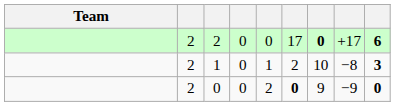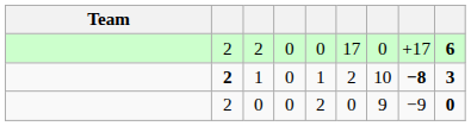 <table class="wikitable" style="text-align: center;">
 <tr>
 <th style="width:175px;">Team</th>
 <th width="20"></th>
 <th width="20"></th>
 <th width="20"></th>
 <th width="20"></th>
 <th width="20"></th>
 <th width="20"></th>
 <th width="20"></th>
 <th width="20"></th>
 </tr>
 <tr style="background:#cfc;">
 <td style="text-align:left;"></td>
 <td>2</td>
 <td>2</td>
 <td>0</td>
 <td>0</td>
 <td>17</td>
-<td><strong>0</strong></td>
+<td>0</td>
 <td>+17</td>
 <td><strong>6</strong></td>
 </tr>
 <tr>
 <td style="text-align:left;"></td>
-<td>2</td>
+<td><strong>2</strong></td>
 <td>1</td>
 <td>0</td>
 <td>1</td>
 <td>2</td>
 <td>10</td>
-<td>−8</td>
+<td><strong>−8</strong></td>
 <td><strong>3</strong></td>
 </tr>
 <tr>
 <td style="text-align:left;"></td>
 <td>2</td>
 <td>0</td>
 <td>0</td>
 <td>2</td>
-<td><strong>0</strong></td>
+<td>0</td>
 <td>9</td>
 <td>−9</td>
 <td><strong>0</strong></td>
 </tr>
 </table>
